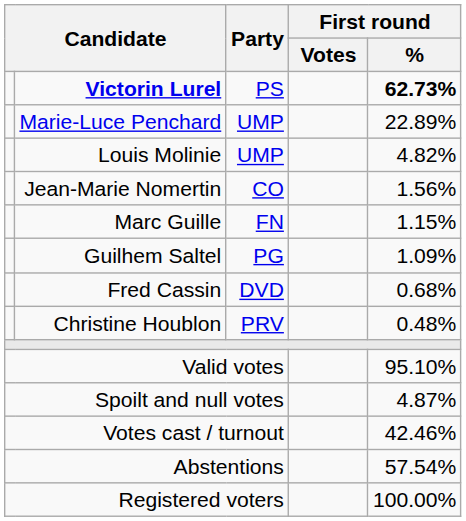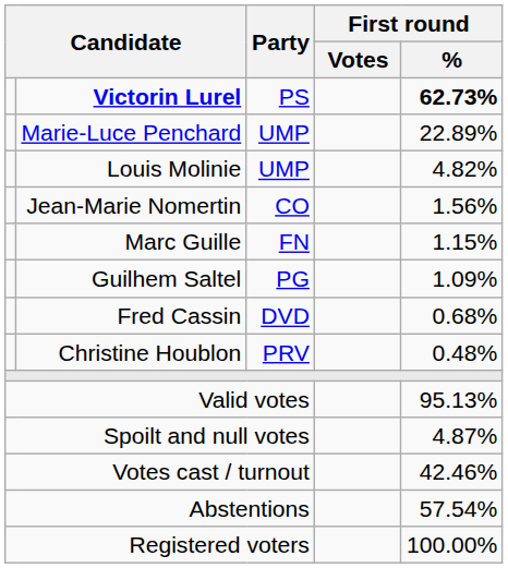 <table class="wikitable" style="text-align:right;font-size:95%;">
 <tr>
 <th rowspan=2 colspan=2>Candidate</th>
 <th rowspan=2 colspan=1>Party</th>
 <th colspan=2>First round</th>
 </tr>
 <tr>
 <th style="width:50px;">Votes</th>
 <th style="width:55px;">%</th>
 </tr>
 <tr>
 <td style="color:inherit;background-color:"></td>
 <td><strong><a href='#'>Victorin Lurel</a></strong></td>
 <td><a href='#'>PS</a></td>
 <td><strong></strong></td>
 <td><strong>62.73%</strong></td>
 </tr>
 <tr>
 <td style="color:inherit;background-color:"></td>
 <td><a href='#'>Marie-Luce Penchard</a></td>
 <td><a href='#'>UMP</a></td>
 <td></td>
 <td>22.89%</td>
 </tr>
 <tr>
 <td style="color:inherit;background-color:"></td>
 <td>Louis Molinie</td>
 <td><a href='#'>UMP</a></td>
 <td></td>
 <td>4.82%</td>
 </tr>
 <tr>
 <td style="color:inherit;background-color:"></td>
 <td>Jean-Marie Nomertin</td>
 <td><a href='#'>CO</a></td>
 <td></td>
 <td>1.56%</td>
 </tr>
 <tr>
 <td style="color:inherit;background-color:"></td>
 <td>Marc Guille</td>
 <td><a href='#'>FN</a></td>
 <td></td>
 <td>1.15%</td>
 </tr>
 <tr>
 <td style="color:inherit;background-color:"></td>
 <td>Guilhem Saltel</td>
 <td><a href='#'>PG</a></td>
 <td></td>
 <td>1.09%</td>
 </tr>
 <tr>
 <td style="color:inherit;background-color:"></td>
 <td>Fred Cassin</td>
 <td><a href='#'>DVD</a></td>
 <td></td>
 <td>0.68%</td>
 </tr>
 <tr>
 <td style="color:inherit;background-color:"></td>
 <td>Christine Houblon</td>
 <td><a href='#'>PRV</a></td>
 <td></td>
 <td>0.48%</td>
 </tr>
 <tr>
 <td colspan=5 style="background-color:#E9E9E9;"></td>
 </tr>
 <tr>
 <td colspan=3>Valid votes</td>
 <td></td>
-<td>95.10%</td>
+<td>95.13%</td>
 </tr>
 <tr>
 <td colspan=3>Spoilt and null votes</td>
 <td></td>
 <td>4.87%</td>
 </tr>
 <tr>
 <td colspan=3>Votes cast / turnout</td>
 <td></td>
 <td>42.46%</td>
 </tr>
 <tr>
 <td colspan=3>Abstentions</td>
 <td></td>
 <td>57.54%</td>
 </tr>
 <tr>
 <td colspan=3>Registered voters</td>
 <td></td>
 <td>100.00%</td>
 </tr>
 </table>
